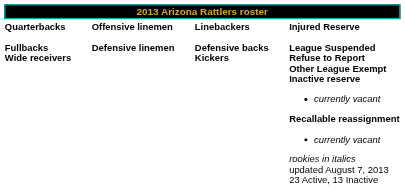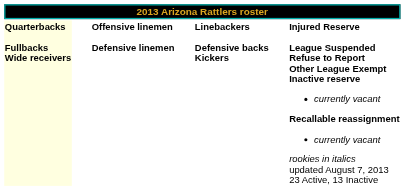 <table class="toccolours" style="text-align: left;">
 <tr>
 <th colspan=7 style="background:#000; border: 2px solid #00ADA9; color:#DAA520; text-align:center;"><strong>2013 Arizona Rattlers roster</strong></th>
 </tr>
 <tr>
-<td style="font-size: 95%;" valign="top"><strong>Quarterbacks</strong><br> <br><strong>Fullbacks</strong> <br><strong>Wide receivers</strong>      </td>
+<td style="background: lightyellow; font-size: 95%;" valign="top"><strong>Quarterbacks</strong><br> <br><strong>Fullbacks</strong> <br><strong>Wide receivers</strong>      </td>
 <td style="width: 25px;"></td>
 <td style="font-size: 95%;" valign="top"><strong>Offensive linemen</strong><br>  <br><strong>Defensive linemen</strong>    </td>
 <td style="width: 25px;"></td>
 <td style="font-size: 95%;" valign="top"><strong>Linebackers</strong><br><br><strong>Defensive backs</strong>     <br><strong>Kickers</strong> </td>
 <td style="width: 25px;"></td>
 <td style="font-size: 95%;" valign="top"><strong>Injured Reserve</strong><br> <br><strong>League Suspended</strong>    <br><strong>Refuse to Report</strong>   <br><strong>Other League Exempt</strong>   <br><strong>Inactive reserve</strong><ul><li><em>currently vacant</em></li></ul><strong>Recallable reassignment</strong><ul><li><em>currently vacant</em></li></ul> <em>rookies in italics</em><br> <span></span> updated August 7, 2013<br> 23 Active, 13 Inactive </td>
 </tr>
 <tr>
 </tr>
 </table>
